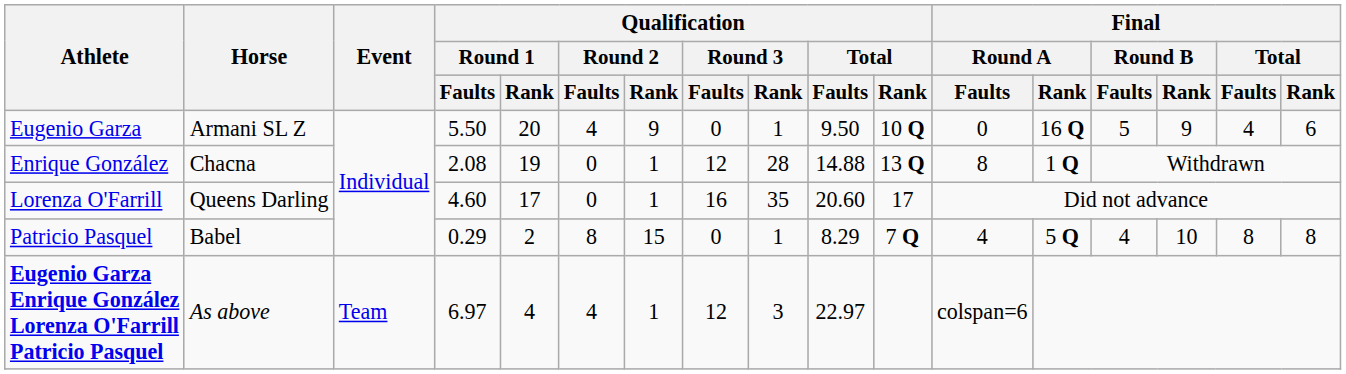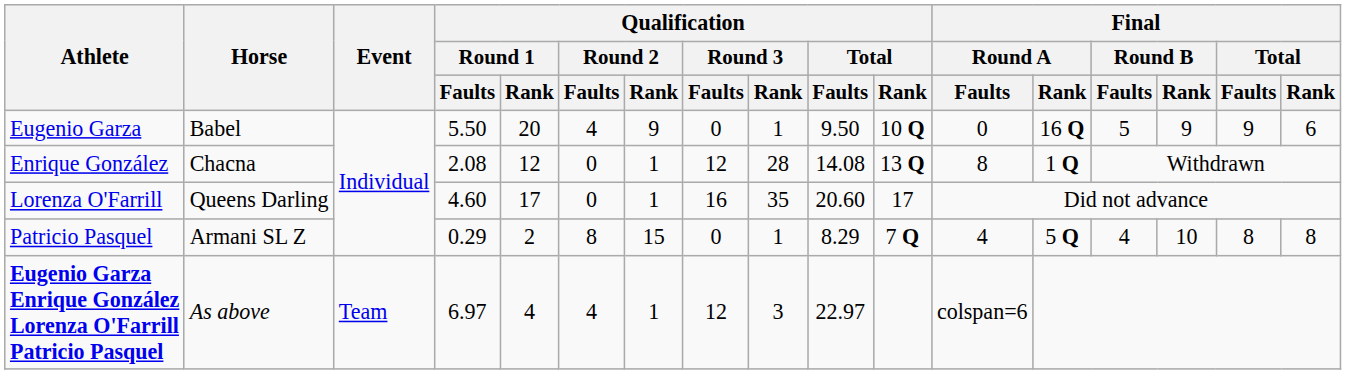 <table class=wikitable style=font-size:90%;text-align:center>
 <tr>
 <th rowspan=3>Athlete</th>
 <th rowspan=3>Horse</th>
 <th rowspan=3>Event</th>
 <th colspan=8>Qualification</th>
 <th colspan=6>Final</th>
 </tr>
 <tr style=font-size:95%>
 <th colspan=2>Round 1</th>
 <th colspan=2>Round 2</th>
 <th colspan=2>Round 3</th>
 <th colspan=2>Total</th>
 <th colspan=2>Round A</th>
 <th colspan=2>Round B</th>
 <th colspan=2>Total</th>
 </tr>
 <tr style=font-size:95%>
 <th>Faults</th>
 <th>Rank</th>
 <th>Faults</th>
 <th>Rank</th>
 <th>Faults</th>
 <th>Rank</th>
 <th>Faults</th>
 <th>Rank</th>
 <th>Faults</th>
 <th>Rank</th>
 <th>Faults</th>
 <th>Rank</th>
 <th>Faults</th>
 <th>Rank</th>
 </tr>
 <tr>
 <td align=left><a href='#'>Eugenio Garza</a></td>
-<td align=left>Armani SL Z</td>
+<td align=left>Babel</td>
 <td align=left rowspan=4><a href='#'>Individual</a></td>
 <td>5.50</td>
 <td>20</td>
 <td>4</td>
 <td>9</td>
 <td>0</td>
 <td>1</td>
 <td>9.50</td>
 <td>10 <strong>Q</strong></td>
 <td>0</td>
 <td>16 <strong>Q</strong></td>
 <td>5</td>
 <td>9</td>
-<td>4</td>
+<td>9</td>
 <td>6</td>
 </tr>
 <tr>
 <td align=left><a href='#'>Enrique González</a></td>
 <td align=left>Chacna</td>
 <td>2.08</td>
-<td>19</td>
+<td>12</td>
 <td>0</td>
 <td>1</td>
 <td>12</td>
 <td>28</td>
-<td>14.88</td>
+<td>14.08</td>
 <td>13 <strong>Q</strong></td>
 <td>8</td>
 <td>1 <strong>Q</strong></td>
 <td colspan=4>Withdrawn</td>
 </tr>
 <tr>
 <td align=left><a href='#'>Lorenza O'Farrill</a></td>
 <td align=left>Queens Darling</td>
 <td>4.60</td>
 <td>17</td>
 <td>0</td>
 <td>1</td>
 <td>16</td>
 <td>35</td>
 <td>20.60</td>
 <td>17</td>
 <td colspan=6>Did not advance</td>
 </tr>
 <tr>
 <td align=left><a href='#'>Patricio Pasquel</a></td>
-<td align=left>Babel</td>
+<td align=left>Armani SL Z</td>
 <td>0.29</td>
 <td>2</td>
 <td>8</td>
 <td>15</td>
 <td>0</td>
 <td>1</td>
 <td>8.29</td>
 <td>7 <strong>Q</strong></td>
 <td>4</td>
 <td>5 <strong>Q</strong></td>
 <td>4</td>
 <td>10</td>
 <td>8</td>
 <td>8</td>
 </tr>
 <tr>
 <td align=left><strong><a href='#'>Eugenio Garza</a></strong><br><strong><a href='#'>Enrique González</a></strong><br><strong><a href='#'>Lorenza O'Farrill</a></strong><br><strong><a href='#'>Patricio Pasquel</a></strong></td>
 <td align=left><em>As above</em></td>
 <td align=left><a href='#'>Team</a></td>
 <td>6.97</td>
 <td>4</td>
 <td>4</td>
 <td>1</td>
 <td>12</td>
 <td>3</td>
 <td>22.97</td>
 <td></td>
 <td>colspan=6 </td>
 </tr>
 </table>
